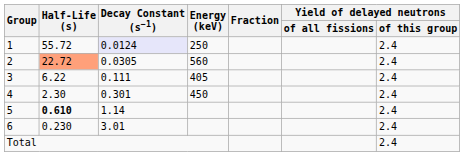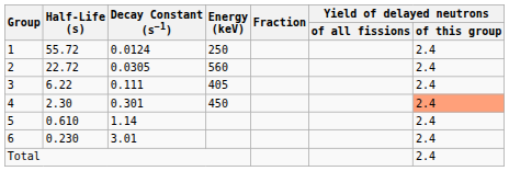 <table class="wikitable sortable">
 <tr>
 <th rowspan="2">Group</th>
 <th rowspan="2">Half-Life<br>(s)</th>
 <th rowspan="2">Decay Constant<br>(s<sup>−1</sup>)</th>
 <th rowspan="2">Energy<br>(keV)</th>
 <th rowspan="2">Fraction</th>
 <th colspan="2">Yield of delayed neutrons</th>
 </tr>
 <tr>
 <th>of all fissions</th>
 <th>of this group</th>
 </tr>
 <tr>
 <td>1</td>
 <td>55.72</td>
-<td style="background: lavender;">0.0124</td>
+<td>0.0124</td>
 <td>250</td>
 <td></td>
 <td></td>
 <td>2.4</td>
 </tr>
 <tr>
 <td>2</td>
-<td style="background: lightsalmon;">22.72</td>
+<td>22.72</td>
 <td>0.0305</td>
 <td>560</td>
 <td></td>
 <td></td>
 <td>2.4</td>
 </tr>
 <tr>
 <td>3</td>
 <td>6.22</td>
 <td>0.111</td>
 <td>405</td>
 <td></td>
 <td></td>
 <td>2.4</td>
 </tr>
 <tr>
 <td>4</td>
 <td>2.30</td>
 <td>0.301</td>
 <td>450</td>
 <td></td>
 <td></td>
-<td>2.4</td>
+<td style="background: lightsalmon;">2.4</td>
 </tr>
 <tr>
 <td>5</td>
-<td><strong>0.610</strong></td>
+<td>0.610</td>
 <td>1.14</td>
 <td></td>
 <td></td>
 <td></td>
 <td>2.4</td>
 </tr>
 <tr>
 <td>6</td>
 <td>0.230</td>
 <td>3.01</td>
 <td></td>
 <td></td>
 <td></td>
 <td>2.4</td>
 </tr>
 <tr class="sortbottom">
 <td colspan=4>Total</td>
 <td></td>
 <td></td>
 <td>2.4</td>
 </tr>
 </table>
